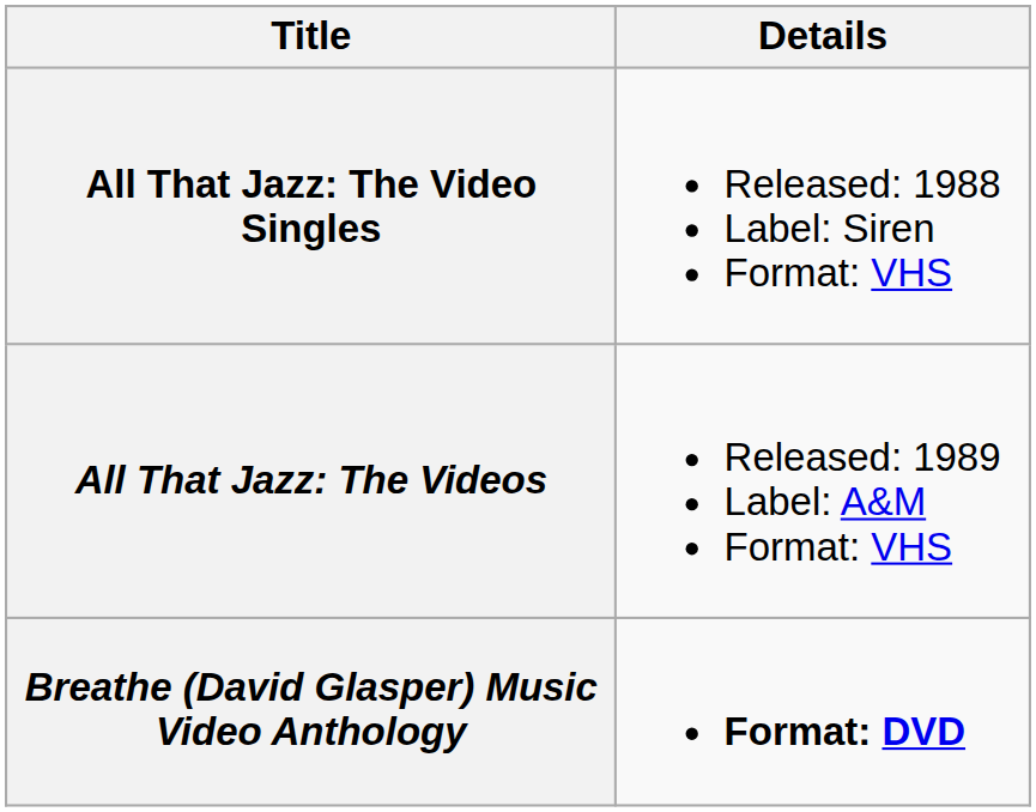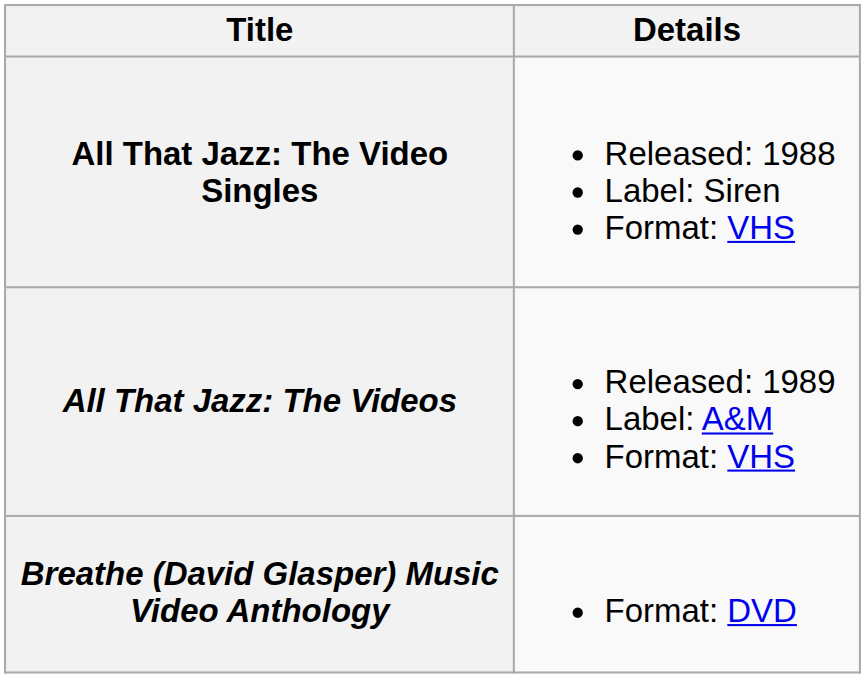 <table class="wikitable plainrowheaders" style="text-align:left;" border="1">
 <tr>
 <th scope="col" style="width:15em;">Title</th>
 <th scope="col" style="width:10em;">Details</th>
 </tr>
 <tr>
 <th scope="row">All That Jazz: The Video Singles</th>
 <td><br><ul><li>Released: 1988</li><li>Label: Siren</li><li>Format: <a href='#'>VHS</a></li></ul></td>
 </tr>
 <tr>
 <th scope="row"><em>All That Jazz: The Videos</em></th>
 <td><br><ul><li>Released: 1989</li><li>Label: <a href='#'>A&M</a></li><li>Format: <a href='#'>VHS</a></li></ul></td>
 </tr>
 <tr>
 <th scope="row"><em>Breathe (David Glasper) Music Video Anthology</em></th>
-<td><strong><br><ul><li>Format: <a href='#'>DVD</a> </li></ul></strong></td>
+<td><br><ul><li>Format: <a href='#'>DVD</a> </li></ul></td>
 </tr>
 </table>
